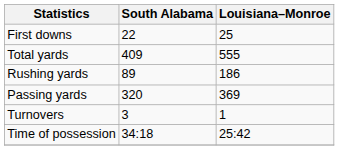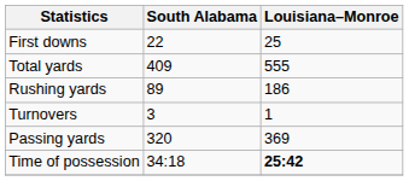 <table class="wikitable">
 <tr>
 <th>Statistics</th>
 <th>South Alabama</th>
 <th>Louisiana–Monroe</th>
 </tr>
 <tr>
 <td>First downs</td>
 <td>22</td>
 <td>25</td>
 </tr>
 <tr>
 <td>Total yards</td>
 <td>409</td>
 <td>555</td>
 </tr>
 <tr>
 <td>Rushing yards</td>
 <td>89</td>
 <td>186</td>
 </tr>
 <tr>
+<td>Turnovers</td>
+<td>3</td>
+<td>1</td>
+</tr>
+<tr>
 <td>Passing yards</td>
 <td>320</td>
 <td>369</td>
 </tr>
 <tr>
-<td>Turnovers</td>
-<td>3</td>
-<td>1</td>
-</tr>
-<tr>
 <td>Time of possession</td>
 <td>34:18</td>
-<td>25:42</td>
+<td><strong>25:42</strong></td>
 </tr>
 <tr>
 </tr>
 </table>
